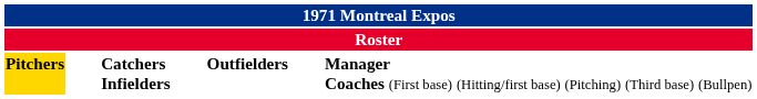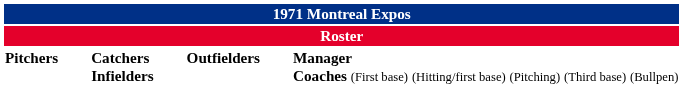 <table class="toccolours" style="font-size: 95%;">
 <tr>
 <th colspan="10" style="background-color: #003087; color: #FFFFFF; text-align: center;">1971 Montreal Expos</th>
 </tr>
 <tr>
 <td colspan="10" style="background-color: #E4002B; color: #FFFFFF; text-align: center;"><strong>Roster</strong></td>
 </tr>
 <tr>
-<td valign="top" style="background: gold;"><strong>Pitchers</strong><br>           </td>
+<td valign="top"><strong>Pitchers</strong><br>           </td>
 <td width="25px"></td>
 <td valign="top"><strong>Catchers</strong><br>   <strong>Infielders</strong>         </td>
 <td width="25px"></td>
 <td valign="top"><strong>Outfielders</strong><br>        </td>
 <td width="25px"></td>
 <td valign="top"><strong>Manager</strong><br> <strong>Coaches</strong>  <small>(First base)</small>  <small>(Hitting/first base)</small>  <small>(Pitching)</small>  <small>(Third base)</small>  <small>(Bullpen)</small></td>
 </tr>
 <tr>
 </tr>
 </table>
